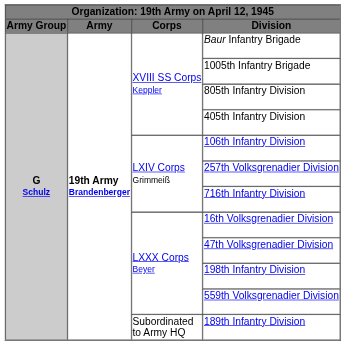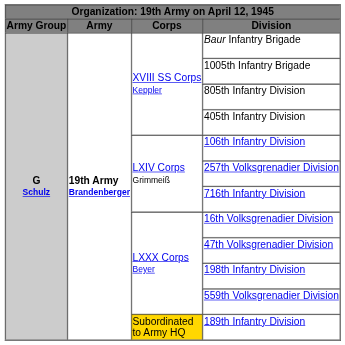 <table style="float: right;" border="1" cellpadding="1" cellspacing="0" style="font-size: 85%; border: gray solid 1px; border-collapse: collapse; text-align: center;">
 <tr style="background-color:grey; color:black;">
 <th colspan="4">Organization: 19th Army on April 12, 1945</th>
 </tr>
 <tr>
 </tr>
 <tr style="background-color:grey; color:black;">
 <th>Army Group</th>
 <th>Army</th>
 <th>Corps</th>
 <th>Division</th>
 </tr>
 <tr>
 <th ROWSPAN=12 style="background:#ccc;" style="border-bottom:1px solid gray;">G<br><small><a href='#'>Schulz</a></small></th>
 <td ROWSPAN=12><strong>19th Army<br><small><a href='#'>Brandenberger</a></small></strong></td>
 <td ROWSPAN=4><a href='#'>XVIII SS Corps</a><br><small><a href='#'>Keppler</a></small></td>
 <td><em>Baur</em> Infantry Brigade<br><small> </small></td>
 </tr>
 <tr>
 <td>1005th Infantry Brigade<br><small> </small></td>
 </tr>
 <tr>
 <td>805th Infantry Division<br><small> </small></td>
 </tr>
 <tr>
 <td>405th Infantry Division<br><small> </small></td>
 </tr>
 <tr>
 <td ROWSPAN=3><a href='#'>LXIV Corps</a><br><small>Grimmeiß</small></td>
 <td><a href='#'>106th Infantry Division</a><br><small> </small></td>
 </tr>
 <tr>
 <td><a href='#'>257th Volksgrenadier Division</a><br><small> </small></td>
 </tr>
 <tr>
 <td><a href='#'>716th Infantry Division</a><br><small> </small></td>
 </tr>
 <tr>
 <td ROWSPAN=4><a href='#'>LXXX Corps</a><br><small><a href='#'>Beyer</a></small></td>
 <td><a href='#'>16th Volksgrenadier Division</a><br><small> </small></td>
 </tr>
 <tr>
 <td><a href='#'>47th Volksgrenadier Division</a><br><small> </small></td>
 </tr>
 <tr>
 <td><a href='#'>198th Infantry Division</a><br><small> </small></td>
 </tr>
 <tr>
 <td><a href='#'>559th Volksgrenadier Division</a><br><small> </small></td>
 </tr>
 <tr>
-<td ROWSPAN=1>Subordinated<br>to Army HQ</td>
+<td ROWSPAN=1 style="background: gold;">Subordinated<br>to Army HQ</td>
 <td><a href='#'>189th Infantry Division</a><br><small> </small></td>
 </tr>
 <tr>
 </tr>
 </table>
